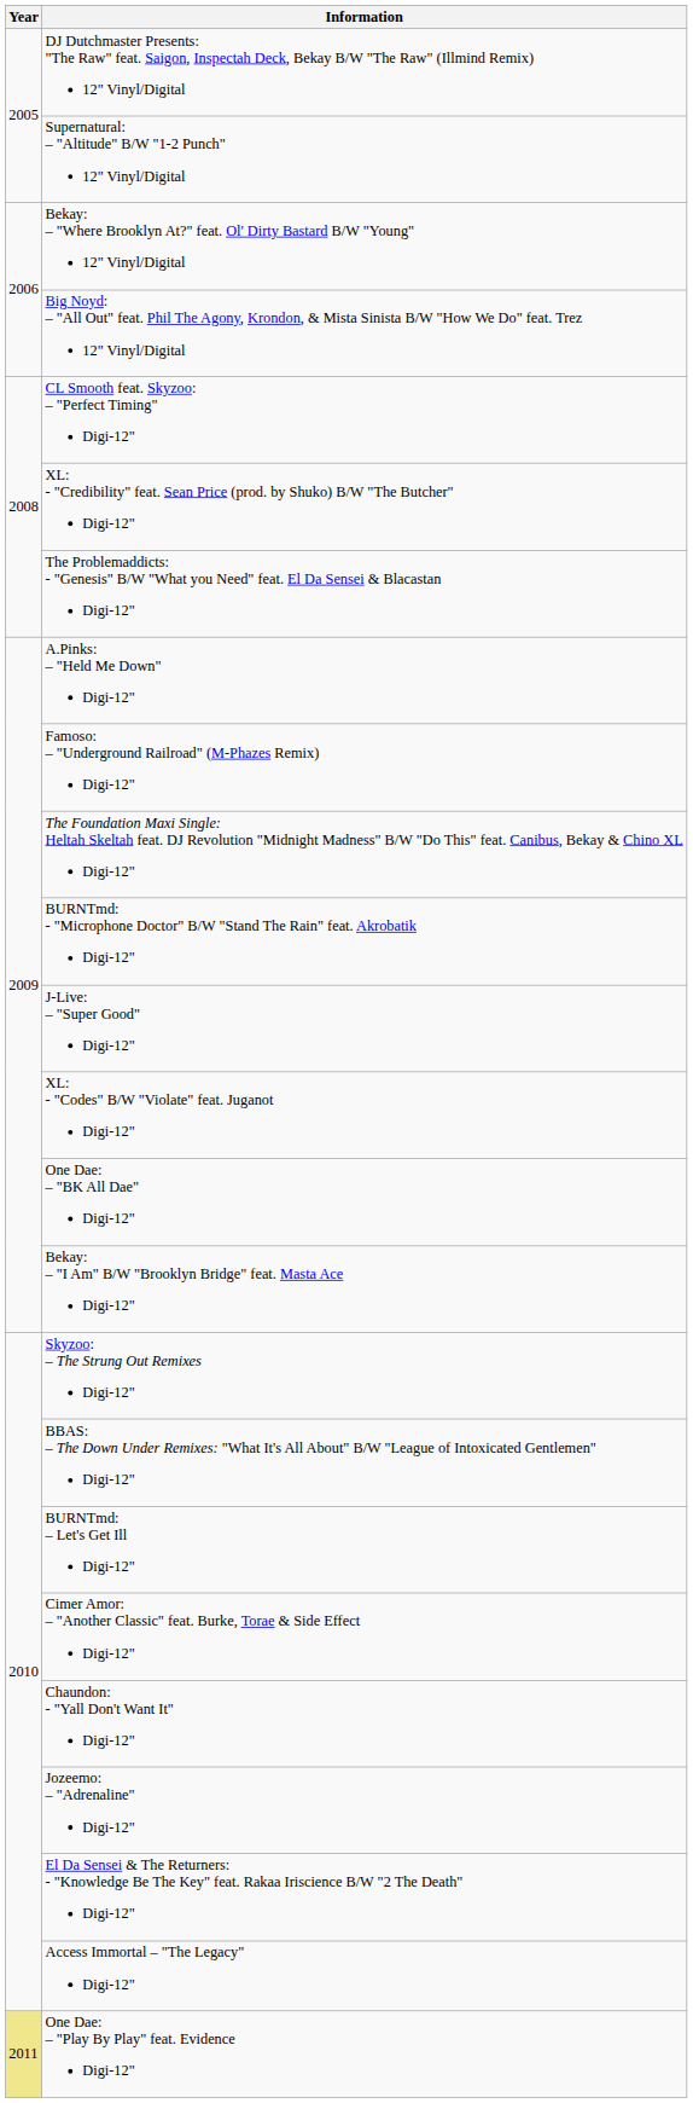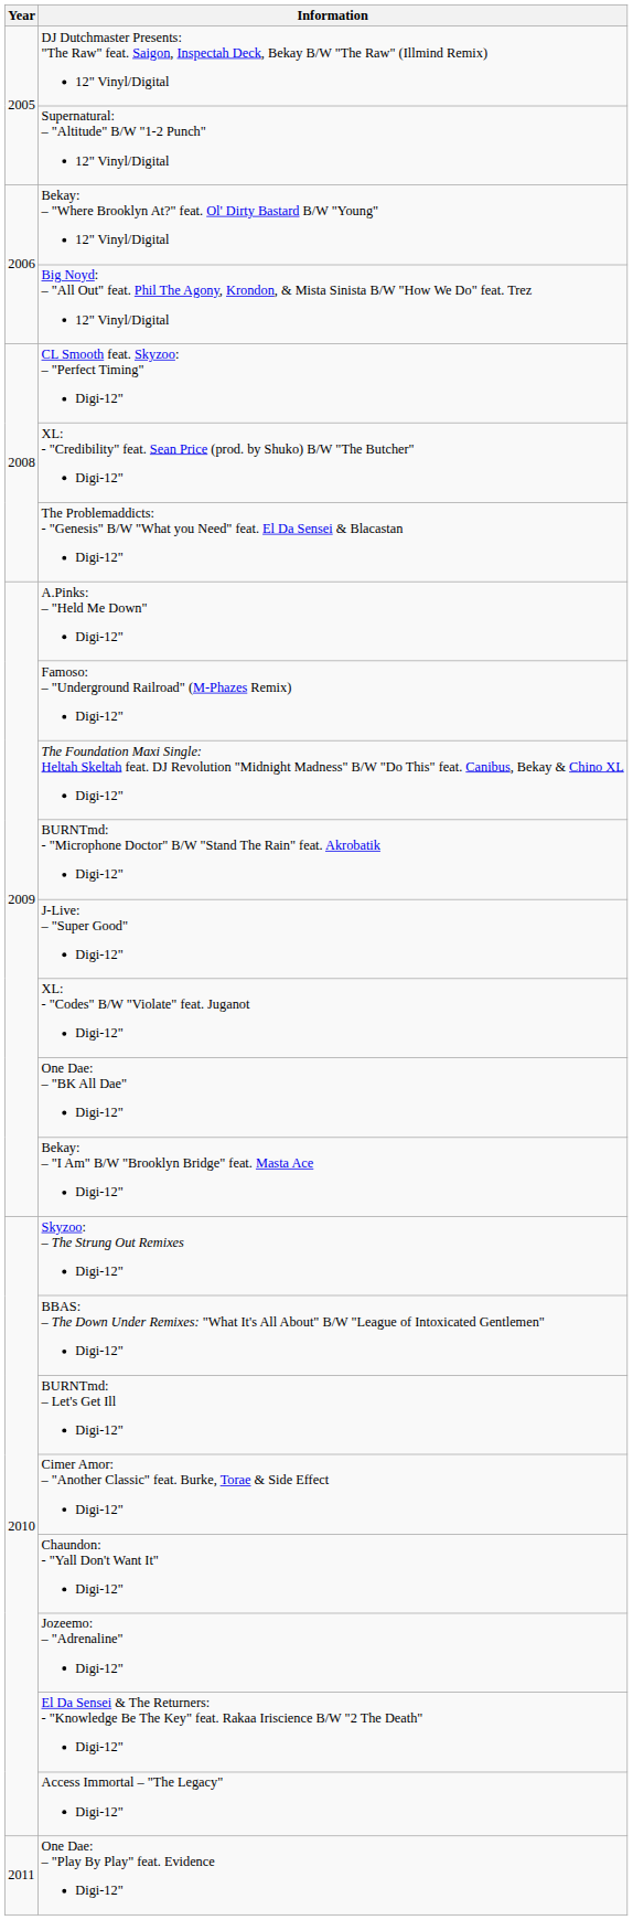 <table class="wikitable">
 <tr>
 <th style="text-align:center;">Year</th>
 <th style="text-align:center;">Information</th>
 </tr>
 <tr>
 <td rowspan="2">2005</td>
 <td align="left">DJ Dutchmaster Presents: <br> "The Raw" feat. <a href='#'>Saigon</a>, <a href='#'>Inspectah Deck</a>, Bekay B/W  "The Raw" (Illmind Remix)<br><ul><li>12" Vinyl/Digital</li></ul></td>
 </tr>
 <tr>
 <td align="left">Supernatural:<br> – "Altitude"  B/W  "1-2 Punch"<br><ul><li>12" Vinyl/Digital</li></ul></td>
 </tr>
 <tr>
 <td rowspan="2">2006</td>
 <td align="left">Bekay:<br> – "Where Brooklyn At?" feat. <a href='#'>Ol' Dirty Bastard</a>  B/W "Young"<br><ul><li>12" Vinyl/Digital</li></ul></td>
 </tr>
 <tr>
 <td align="left"><a href='#'>Big Noyd</a>:<br> – "All Out" feat. <a href='#'>Phil The Agony</a>, <a href='#'>Krondon</a>, & Mista Sinista  B/W  "How We Do" feat. Trez<br><ul><li>12" Vinyl/Digital</li></ul></td>
 </tr>
 <tr>
 <td rowspan="3">2008</td>
 <td align="left"><a href='#'>CL Smooth</a> feat. <a href='#'>Skyzoo</a>:<br> – "Perfect Timing"<br><ul><li>Digi-12"</li></ul></td>
 </tr>
 <tr>
 <td align="left">XL:<br>- "Credibility" feat. <a href='#'>Sean Price</a> (prod. by Shuko) B/W "The Butcher"<br><ul><li>Digi-12"</li></ul></td>
 </tr>
 <tr>
 <td align="left">The Problemaddicts:<br>- "Genesis" B/W  "What you Need" feat. <a href='#'>El Da Sensei</a> & Blacastan<br><ul><li>Digi-12"</li></ul></td>
 </tr>
 <tr>
 <td rowspan="8">2009</td>
 <td align="left">A.Pinks:<br> – "Held Me Down"<br><ul><li>Digi-12"</li></ul></td>
 </tr>
 <tr>
 <td align="left">Famoso:<br> – "Underground Railroad" (<a href='#'>M-Phazes</a> Remix)<br><ul><li>Digi-12"</li></ul></td>
 </tr>
 <tr>
 <td align="left"><em>The Foundation Maxi Single:<br></em><a href='#'>Heltah Skeltah</a> feat. DJ Revolution "Midnight Madness" B/W  "Do This" feat. <a href='#'>Canibus</a>, Bekay & <a href='#'>Chino XL</a><br><ul><li>Digi-12"</li></ul></td>
 </tr>
 <tr>
 <td align="left">BURNTmd:<br>- "Microphone Doctor" B/W "Stand The Rain" feat. <a href='#'>Akrobatik</a><br><ul><li>Digi-12"</li></ul></td>
 </tr>
 <tr>
 <td align="left">J-Live:<br> – "Super Good"<br><ul><li>Digi-12"</li></ul></td>
 </tr>
 <tr>
 <td align="left">XL:<br>- "Codes" B/W "Violate" feat. Juganot<br><ul><li>Digi-12"</li></ul></td>
 </tr>
 <tr>
 <td align="left">One Dae:<br> – "BK All Dae"<br><ul><li>Digi-12"</li></ul></td>
 </tr>
 <tr>
 <td align="left">Bekay:<br> – "I Am" B/W "Brooklyn Bridge" feat. <a href='#'>Masta Ace</a><br><ul><li>Digi-12"</li></ul></td>
 </tr>
 <tr>
 <td rowspan="8">2010</td>
 <td align="left"><a href='#'>Skyzoo</a>:<br> – <em> The Strung Out Remixes</em><br><ul><li>Digi-12"</li></ul></td>
 </tr>
 <tr>
 <td align="left">BBAS:<br> – <em> The Down Under Remixes:</em> "What It's All About" B/W "League of Intoxicated Gentlemen"<br><ul><li>Digi-12"</li></ul></td>
 </tr>
 <tr>
 <td align="left">BURNTmd:<br> – Let's Get Ill<br><ul><li>Digi-12"</li></ul></td>
 </tr>
 <tr>
 <td align="left">Cimer Amor:<br> – "Another Classic" feat. Burke, <a href='#'>Torae</a> & Side Effect<br><ul><li>Digi-12"</li></ul></td>
 </tr>
 <tr>
 <td align="left">Chaundon:<br>- "Yall Don't Want It"<br><ul><li>Digi-12"</li></ul></td>
 </tr>
 <tr>
 <td align="left">Jozeemo:<br> – "Adrenaline"<br><ul><li>Digi-12"</li></ul></td>
 </tr>
 <tr>
 <td align="left"><a href='#'>El Da Sensei</a> & The Returners:<br>- "Knowledge Be The Key" feat. Rakaa Iriscience B/W "2 The Death"<br><ul><li>Digi-12"</li></ul></td>
 </tr>
 <tr>
 <td align="left">Access Immortal – "The Legacy"<br><ul><li>Digi-12"</li></ul></td>
 </tr>
 <tr>
-<td style="background: khaki;">2011</td>
+<td>2011</td>
 <td align="left">One Dae:<br> – "Play By Play" feat. Evidence<br><ul><li>Digi-12"</li></ul></td>
 </tr>
 </table>
